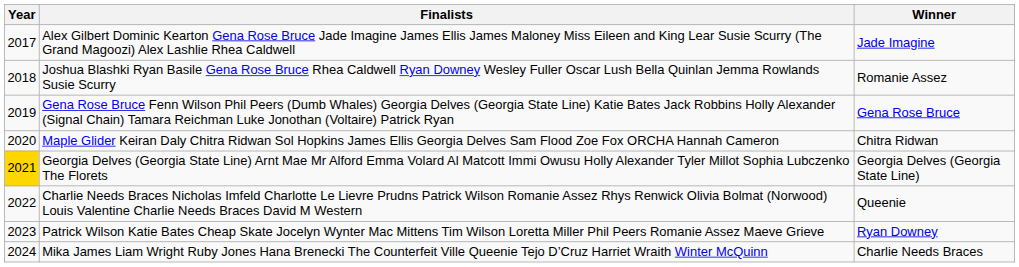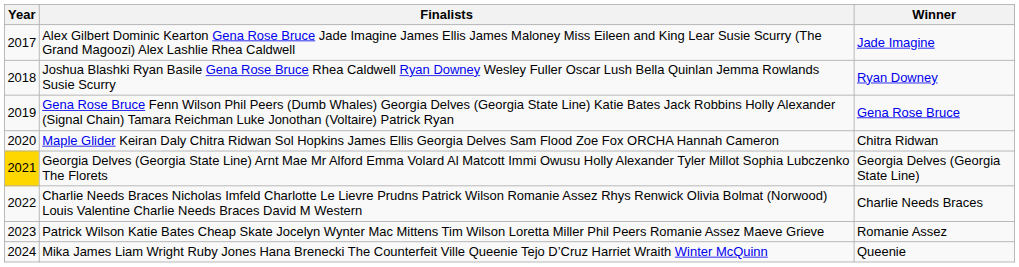 <table class="wikitable">
 <tr>
 <th>Year</th>
 <th>Finalists</th>
 <th>Winner</th>
 </tr>
 <tr>
 <td>2017</td>
 <td>Alex Gilbert Dominic Kearton <a href='#'>Gena Rose Bruce</a> Jade Imagine  James Ellis  James Maloney  Miss Eileen and King Lear Susie Scurry (The Grand Magoozi) Alex Lashlie Rhea Caldwell</td>
 <td><a href='#'>Jade Imagine</a></td>
 </tr>
 <tr>
 <td>2018</td>
 <td>Joshua Blashki Ryan Basile <a href='#'>Gena Rose Bruce</a> Rhea Caldwell <a href='#'>Ryan Downey</a> Wesley Fuller Oscar Lush Bella Quinlan Jemma Rowlands Susie Scurry</td>
-<td>Romanie Assez</td>
+<td><a href='#'>Ryan Downey</a></td>
 </tr>
 <tr>
 <td>2019</td>
 <td><a href='#'>Gena Rose Bruce</a> Fenn Wilson Phil Peers (Dumb Whales) Georgia Delves (Georgia State Line) Katie Bates Jack Robbins Holly Alexander (Signal Chain) Tamara Reichman Luke Jonothan (Voltaire) Patrick Ryan</td>
 <td><a href='#'>Gena Rose Bruce</a></td>
 </tr>
 <tr>
 <td>2020</td>
 <td><a href='#'>Maple Glider</a> Keiran Daly Chitra Ridwan Sol Hopkins James Ellis Georgia Delves Sam Flood Zoe Fox ORCHA Hannah Cameron</td>
 <td>Chitra Ridwan</td>
 </tr>
 <tr>
 <td style="background: gold;">2021</td>
 <td>Georgia Delves (Georgia State Line) Arnt Mae Mr Alford Emma Volard Al Matcott  Immi Owusu Holly Alexander Tyler Millot Sophia Lubczenko The Florets</td>
 <td>Georgia Delves (Georgia State Line)</td>
 </tr>
 <tr>
 <td>2022</td>
 <td>Charlie Needs Braces Nicholas Imfeld Charlotte Le Lievre Prudns Patrick Wilson Romanie Assez Rhys Renwick Olivia Bolmat (Norwood) Louis Valentine Charlie Needs Braces David M Western</td>
-<td>Queenie</td>
+<td>Charlie Needs Braces</td>
 </tr>
 <tr>
 <td>2023</td>
 <td>Patrick Wilson Katie Bates Cheap Skate Jocelyn Wynter Mac Mittens Tim Wilson Loretta Miller Phil Peers Romanie Assez Maeve Grieve</td>
-<td><a href='#'>Ryan Downey</a></td>
+<td>Romanie Assez</td>
 </tr>
 <tr>
 <td>2024</td>
 <td>Mika James Liam Wright Ruby Jones Hana Brenecki The Counterfeit Ville Queenie Tejo D’Cruz Harriet Wraith <a href='#'>Winter McQuinn</a></td>
-<td>Charlie Needs Braces</td>
+<td>Queenie</td>
 </tr>
 </table>
